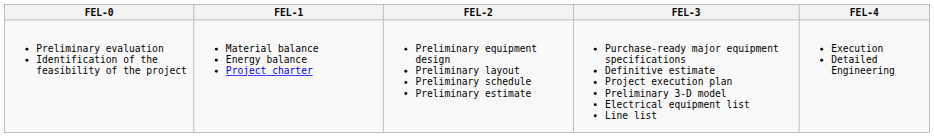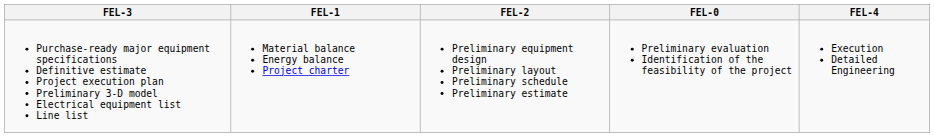 <table class="wikitable">
 <tr>
-<th width="250">FEL-0</th>
+<th witdh="250">FEL-3</th>
 <th width="250">FEL-1</th>
 <th width="250">FEL-2</th>
-<th witdh="250">FEL-3</th>
+<th width="250">FEL-0</th>
 <th witdh="250">FEL-4</th>
 </tr>
 <tr valign="top">
-<td><br><ul><li>Preliminary evaluation</li><li>Identification of the feasibility of the project</li></ul></td>
+<td><br><ul><li>Purchase-ready major equipment specifications</li><li>Definitive estimate</li><li>Project execution plan</li><li>Preliminary 3-D model</li><li>Electrical equipment list</li><li>Line list</li></ul></td>
 <td><br><ul><li>Material balance</li><li>Energy balance</li><li><a href='#'>Project charter</a></li></ul></td>
 <td><br><ul><li>Preliminary equipment design</li><li>Preliminary layout</li><li>Preliminary schedule</li><li>Preliminary estimate</li></ul></td>
-<td><br><ul><li>Purchase-ready major equipment specifications</li><li>Definitive estimate</li><li>Project execution plan</li><li>Preliminary 3-D model</li><li>Electrical equipment list</li><li>Line list</li></ul></td>
+<td><br><ul><li>Preliminary evaluation</li><li>Identification of the feasibility of the project</li></ul></td>
 <td><br><ul><li>Execution</li><li>Detailed Engineering</li></ul></td>
 </tr>
 </table>
